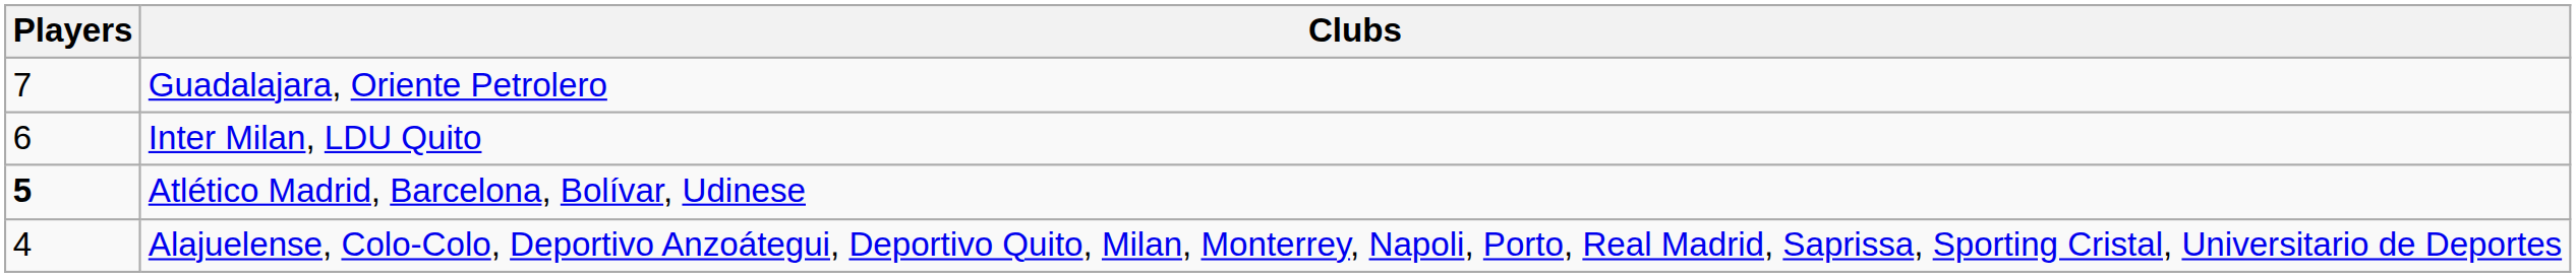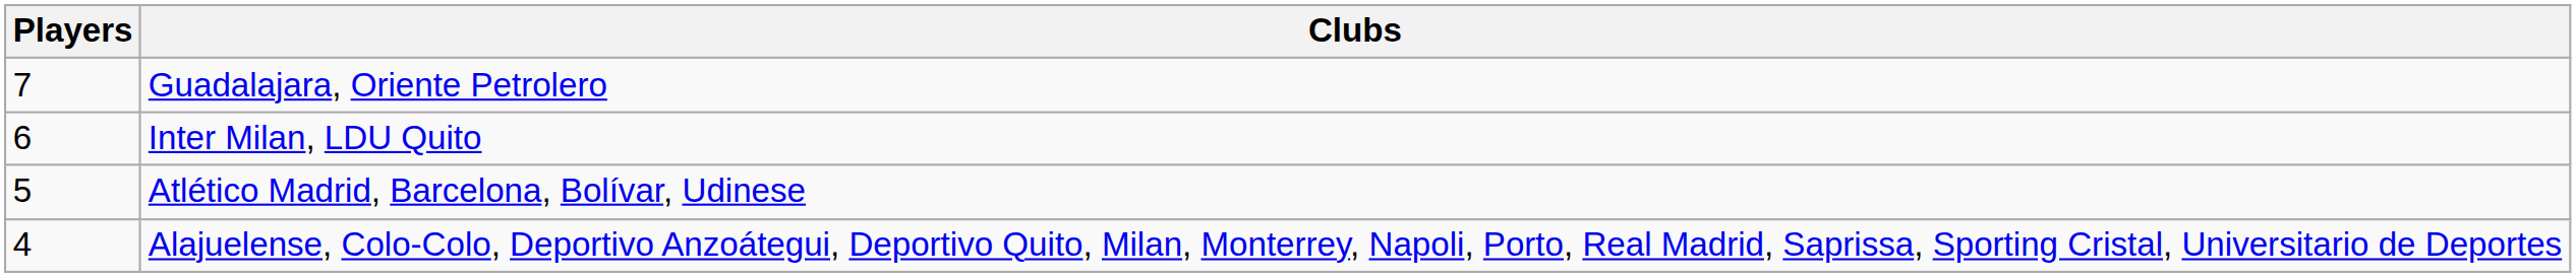 <table class="wikitable">
 <tr>
 <th>Players</th>
 <th>Clubs</th>
 </tr>
 <tr>
 <td>7</td>
 <td> <a href='#'>Guadalajara</a>,  <a href='#'>Oriente Petrolero</a></td>
 </tr>
 <tr>
 <td>6</td>
 <td> <a href='#'>Inter Milan</a>,  <a href='#'>LDU Quito</a></td>
 </tr>
 <tr>
-<td><strong>5</strong></td>
+<td>5</td>
 <td> <a href='#'>Atlético Madrid</a>,  <a href='#'>Barcelona</a>,  <a href='#'>Bolívar</a>,  <a href='#'>Udinese</a></td>
 </tr>
 <tr>
 <td>4</td>
 <td> <a href='#'>Alajuelense</a>,  <a href='#'>Colo-Colo</a>,  <a href='#'>Deportivo Anzoátegui</a>,  <a href='#'>Deportivo Quito</a>,  <a href='#'>Milan</a>,  <a href='#'>Monterrey</a>,  <a href='#'>Napoli</a>,  <a href='#'>Porto</a>,  <a href='#'>Real Madrid</a>,  <a href='#'>Saprissa</a>,  <a href='#'>Sporting Cristal</a>,  <a href='#'>Universitario de Deportes</a></td>
 </tr>
 </table>
